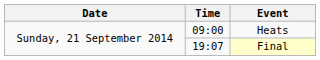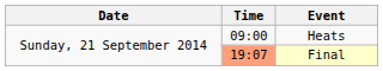 <table class = "wikitable" style="text-align:center;">
 <tr>
 <th width=220>Date</th>
 <th width=50>Time</th>
 <th width=100>Event</th>
 </tr>
 <tr>
 <td rowspan=2>Sunday, 21 September 2014</td>
 <td>09:00</td>
 <td>Heats</td>
 </tr>
 <tr>
-<td>19:07</td>
+<td style="background: lightsalmon;">19:07</td>
 <td bgcolor=ffffcc>Final</td>
 </tr>
 </table>
